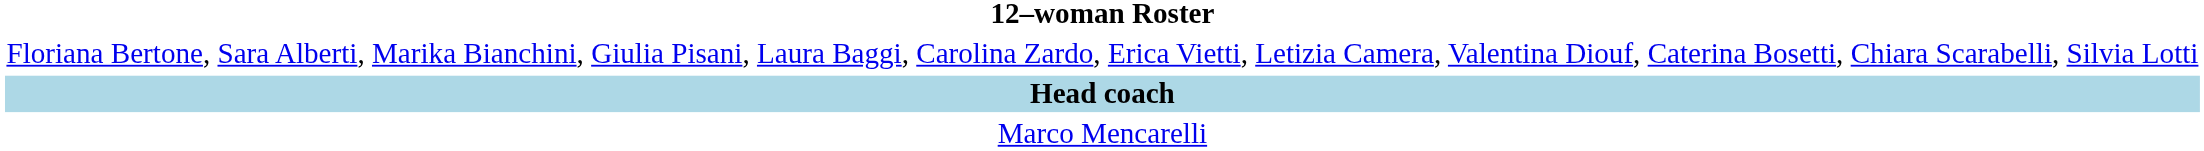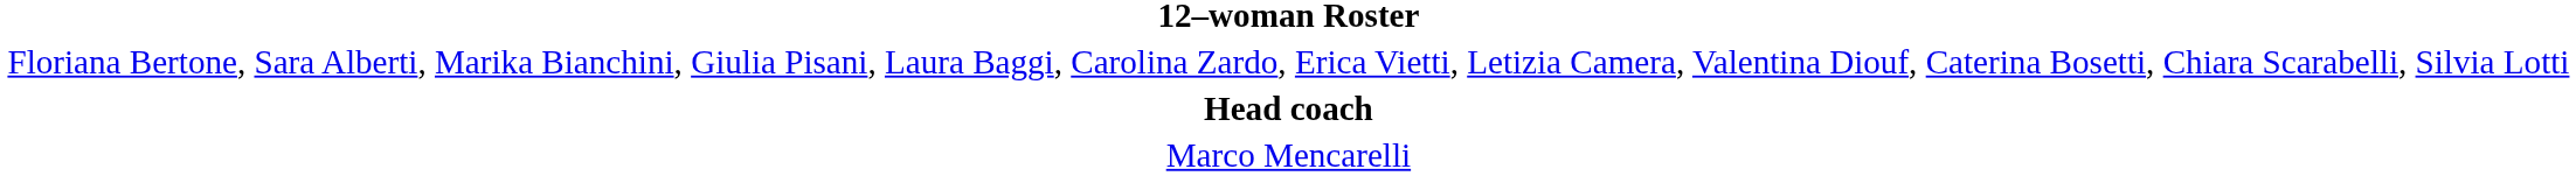 <table style="text-align: center; margin-top: 2em; margin-left: auto; margin-right: auto">
 <tr>
 <td><strong>12–woman Roster</strong></td>
 </tr>
 <tr>
 <td><a href='#'>Floriana Bertone</a>, <a href='#'>Sara Alberti</a>,  <a href='#'>Marika Bianchini</a>, <a href='#'>Giulia Pisani</a>, <a href='#'>Laura Baggi</a>, <a href='#'>Carolina Zardo</a>, <a href='#'>Erica Vietti</a>, <a href='#'>Letizia Camera</a>, <a href='#'>Valentina Diouf</a>, <a href='#'>Caterina Bosetti</a>, <a href='#'>Chiara Scarabelli</a>, <a href='#'>Silvia Lotti</a></td>
 </tr>
 <tr>
-<td style="background: lightblue;"><strong>Head coach</strong></td>
+<td><strong>Head coach</strong></td>
 </tr>
 <tr>
 <td><a href='#'>Marco Mencarelli</a></td>
 </tr>
 </table>
